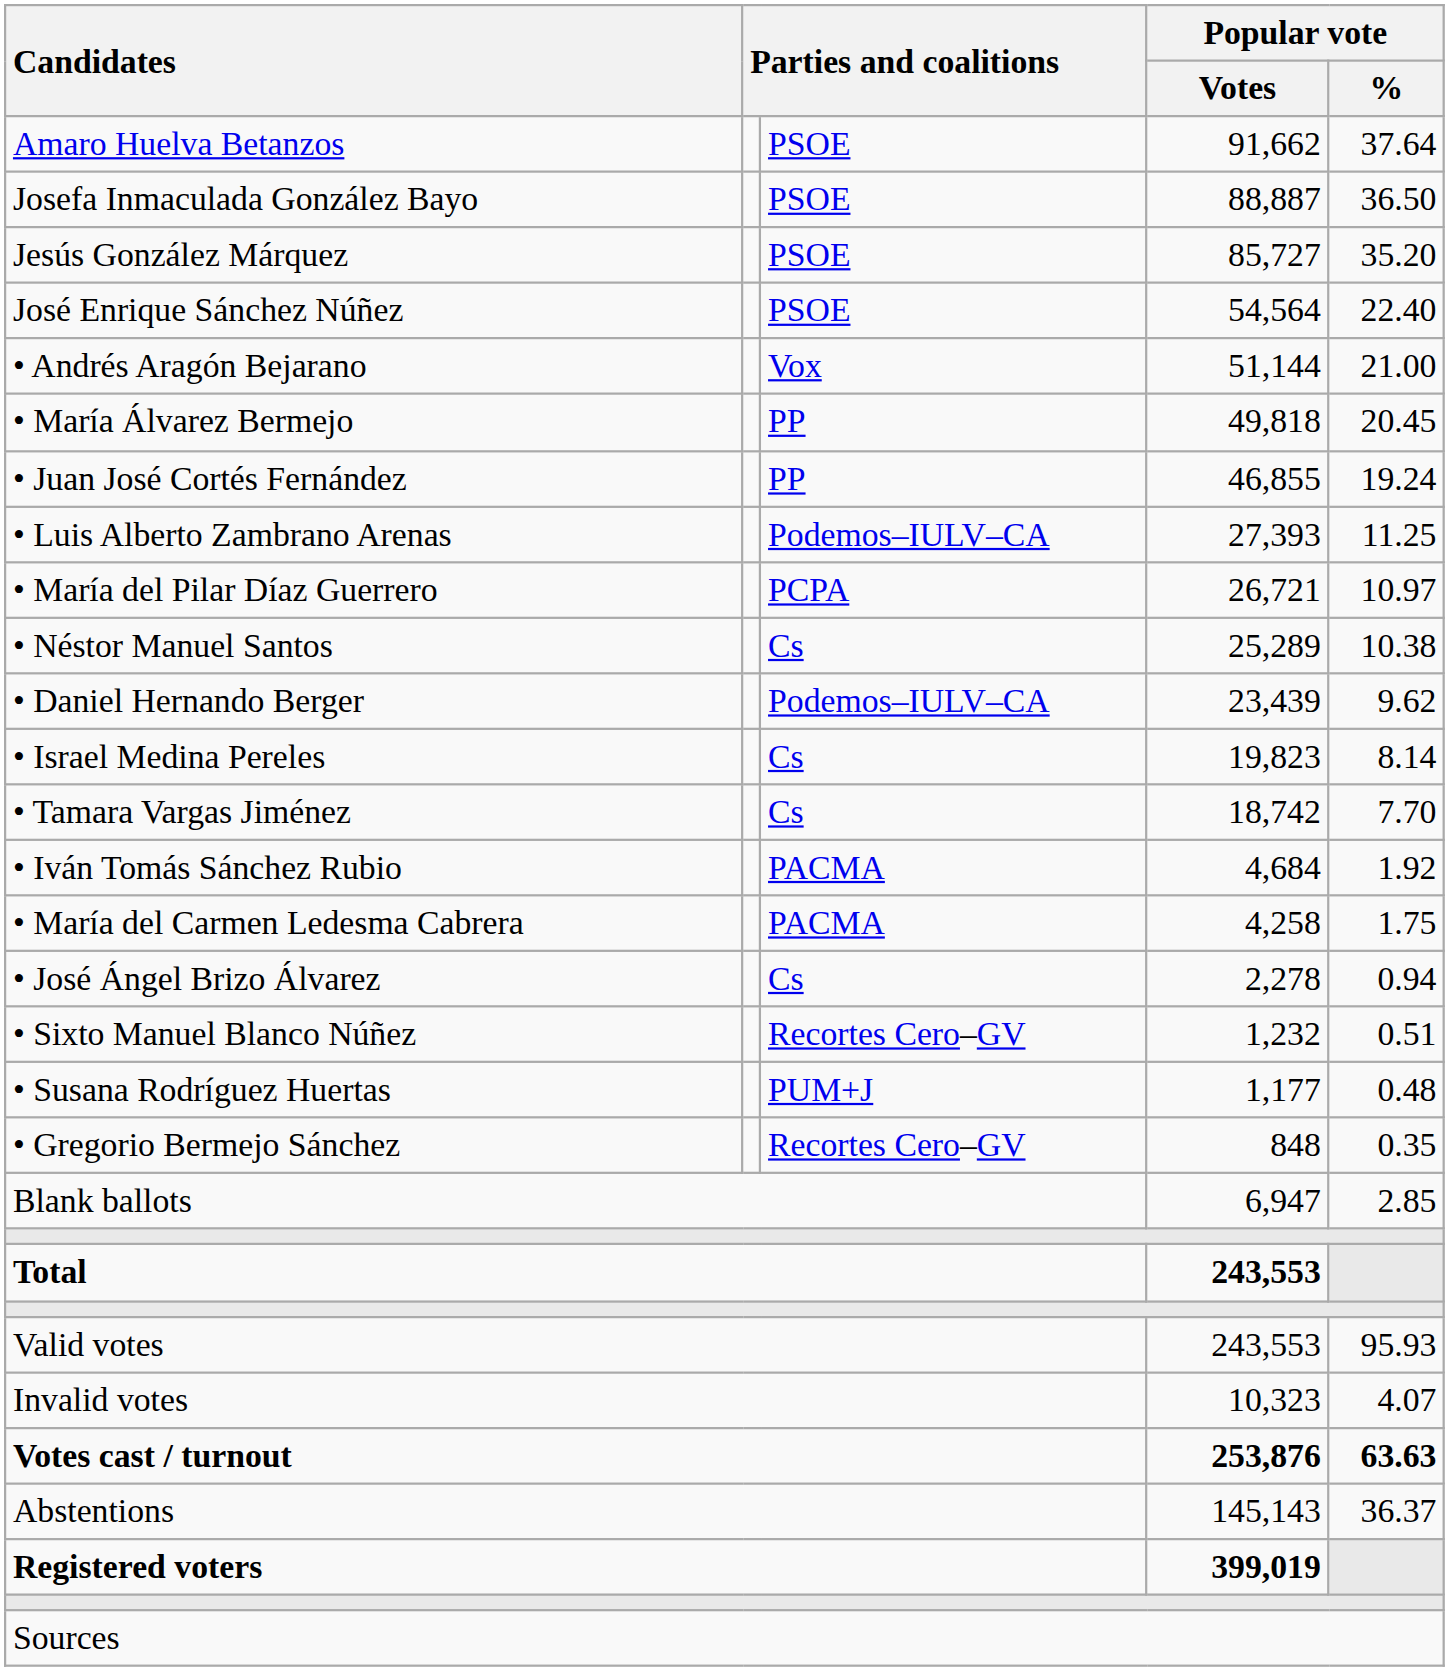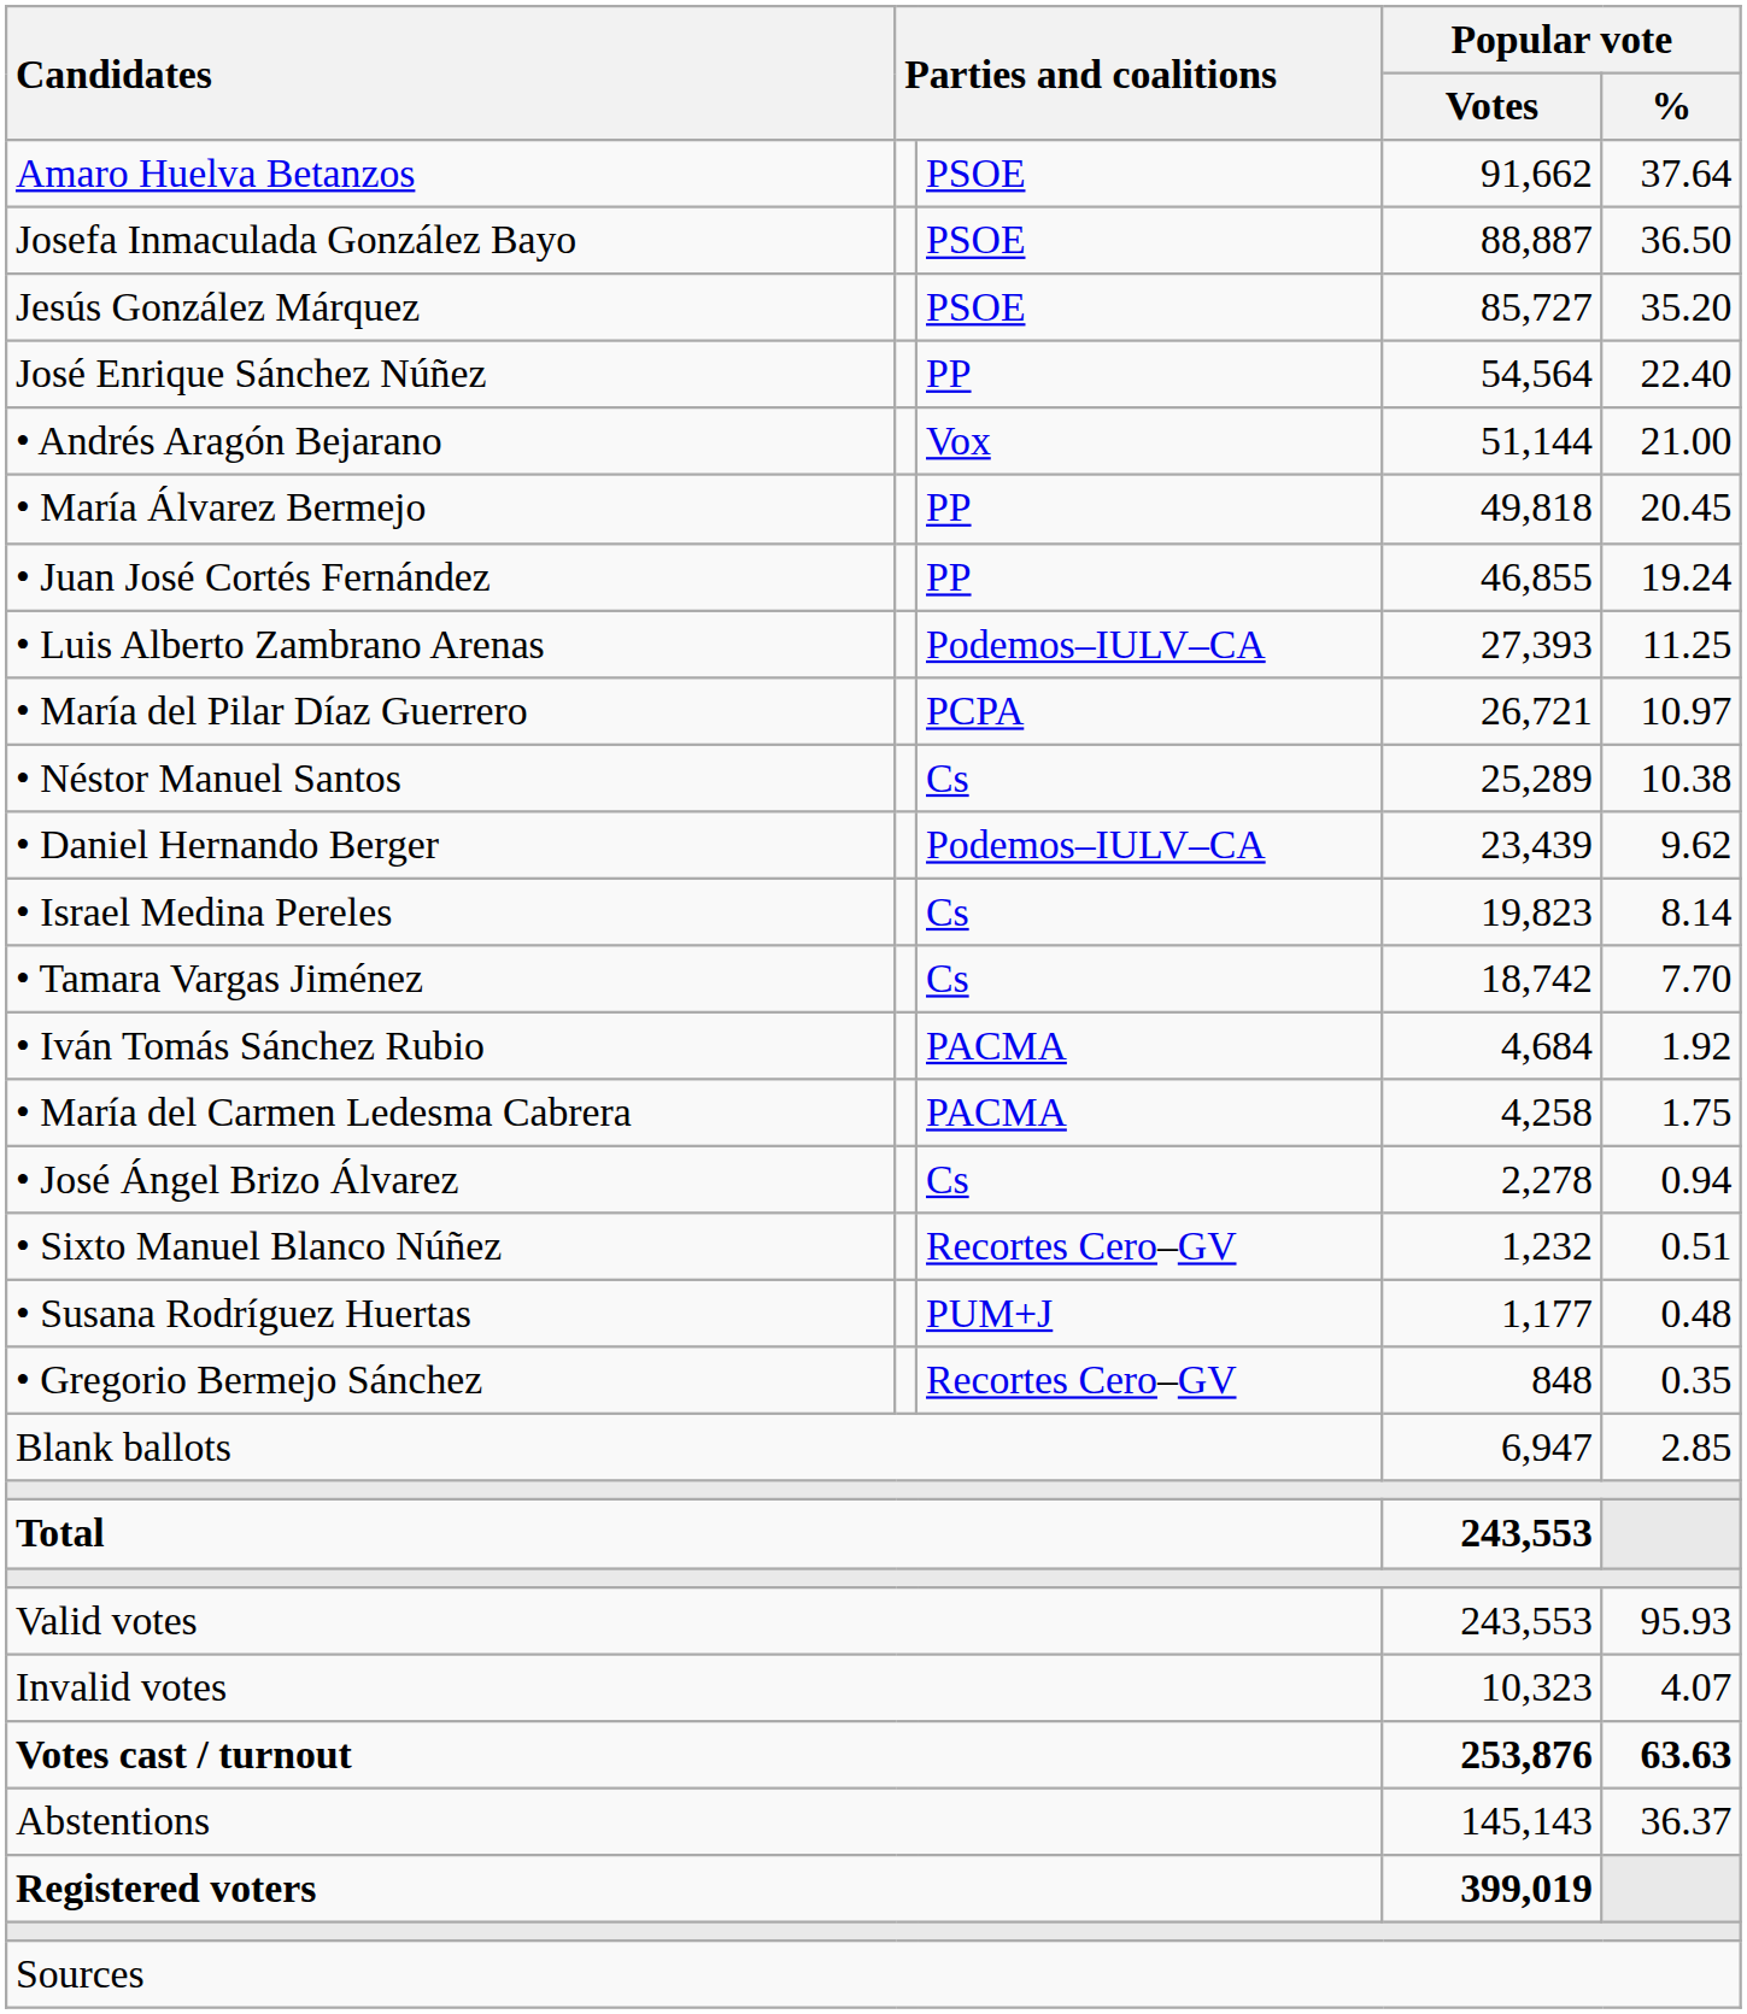 <table class="wikitable" style="text-align:right; font-size:95%;">
 <tr>
 <th style="text-align:left;" rowspan="2" width="325">Candidates</th>
 <th style="text-align:left;" rowspan="2" colspan="2" width="175">Parties and coalitions</th>
 <th colspan="2">Popular vote</th>
 </tr>
 <tr>
 <th width="75">Votes</th>
 <th width="45">%</th>
 </tr>
 <tr>
 <td align="left"> <a href='#'>Amaro Huelva Betanzos</a></td>
 <td width="1" style="color:inherit;background:"></td>
 <td align="left"><a href='#'>PSOE</a></td>
 <td>91,662</td>
 <td>37.64</td>
 </tr>
 <tr>
 <td align="left"> Josefa Inmaculada González Bayo</td>
 <td style="color:inherit;background:"></td>
 <td align="left"><a href='#'>PSOE</a></td>
 <td>88,887</td>
 <td>36.50</td>
 </tr>
 <tr>
 <td align="left"> Jesús González Márquez</td>
 <td style="color:inherit;background:"></td>
 <td align="left"><a href='#'>PSOE</a></td>
 <td>85,727</td>
 <td>35.20</td>
 </tr>
 <tr>
 <td align="left"> José Enrique Sánchez Núñez</td>
 <td style="color:inherit;background:"></td>
-<td align="left"><a href='#'>PSOE</a></td>
+<td align="left"><a href='#'>PP</a></td>
 <td>54,564</td>
 <td>22.40</td>
 </tr>
 <tr>
 <td align="left">• Andrés Aragón Bejarano</td>
 <td style="color:inherit;background:"></td>
 <td align="left"><a href='#'>Vox</a></td>
 <td>51,144</td>
 <td>21.00</td>
 </tr>
 <tr>
 <td align="left">• María Álvarez Bermejo</td>
 <td style="color:inherit;background:"></td>
 <td align="left"><a href='#'>PP</a></td>
 <td>49,818</td>
 <td>20.45</td>
 </tr>
 <tr>
 <td align="left">• Juan José Cortés Fernández</td>
 <td style="color:inherit;background:"></td>
 <td align="left"><a href='#'>PP</a></td>
 <td>46,855</td>
 <td>19.24</td>
 </tr>
 <tr>
 <td align="left">• Luis Alberto Zambrano Arenas</td>
 <td style="color:inherit;background:"></td>
 <td align="left"><a href='#'>Podemos–IULV–CA</a></td>
 <td>27,393</td>
 <td>11.25</td>
 </tr>
 <tr>
 <td align="left">• María del Pilar Díaz Guerrero</td>
 <td style="color:inherit;background:"></td>
 <td align="left"><a href='#'>PCPA</a></td>
 <td>26,721</td>
 <td>10.97</td>
 </tr>
 <tr>
 <td align="left">• Néstor Manuel Santos</td>
 <td style="color:inherit;background:"></td>
 <td align="left"><a href='#'>Cs</a></td>
 <td>25,289</td>
 <td>10.38</td>
 </tr>
 <tr>
 <td align="left">• Daniel Hernando Berger</td>
 <td style="color:inherit;background:"></td>
 <td align="left"><a href='#'>Podemos–IULV–CA</a></td>
 <td>23,439</td>
 <td>9.62</td>
 </tr>
 <tr>
 <td align="left">• Israel Medina Pereles</td>
 <td style="color:inherit;background:"></td>
 <td align="left"><a href='#'>Cs</a></td>
 <td>19,823</td>
 <td>8.14</td>
 </tr>
 <tr>
 <td align="left">• Tamara Vargas Jiménez</td>
 <td style="color:inherit;background:"></td>
 <td align="left"><a href='#'>Cs</a></td>
 <td>18,742</td>
 <td>7.70</td>
 </tr>
 <tr>
 <td align="left">• Iván Tomás Sánchez Rubio</td>
 <td style="color:inherit;background:"></td>
 <td align="left"><a href='#'>PACMA</a></td>
 <td>4,684</td>
 <td>1.92</td>
 </tr>
 <tr>
 <td align="left">• María del Carmen Ledesma Cabrera</td>
 <td style="color:inherit;background:"></td>
 <td align="left"><a href='#'>PACMA</a></td>
 <td>4,258</td>
 <td>1.75</td>
 </tr>
 <tr>
 <td align="left">• José Ángel Brizo Álvarez</td>
 <td style="color:inherit;background:"></td>
 <td align="left"><a href='#'>Cs</a></td>
 <td>2,278</td>
 <td>0.94</td>
 </tr>
 <tr>
 <td align="left">• Sixto Manuel Blanco Núñez</td>
 <td style="color:inherit;background:"></td>
 <td align="left"><a href='#'>Recortes Cero</a>–<a href='#'>GV</a></td>
 <td>1,232</td>
 <td>0.51</td>
 </tr>
 <tr>
 <td align="left">• Susana Rodríguez Huertas</td>
 <td style="color:inherit;background:"></td>
 <td align="left"><a href='#'>PUM+J</a></td>
 <td>1,177</td>
 <td>0.48</td>
 </tr>
 <tr>
 <td align="left">• Gregorio Bermejo Sánchez</td>
 <td style="color:inherit;background:"></td>
 <td align="left"><a href='#'>Recortes Cero</a>–<a href='#'>GV</a></td>
 <td>848</td>
 <td>0.35</td>
 </tr>
 <tr>
 <td align="left" colspan="3">Blank ballots</td>
 <td>6,947</td>
 <td>2.85</td>
 </tr>
 <tr>
 <td colspan="5" bgcolor="#E9E9E9"></td>
 </tr>
 <tr style="font-weight:bold;">
 <td align="left" colspan="3">Total</td>
 <td>243,553</td>
 <td bgcolor="#E9E9E9"></td>
 </tr>
 <tr>
 <td colspan="5" bgcolor="#E9E9E9"></td>
 </tr>
 <tr>
 <td align="left" colspan="3">Valid votes</td>
 <td>243,553</td>
 <td>95.93</td>
 </tr>
 <tr>
 <td align="left" colspan="3">Invalid votes</td>
 <td>10,323</td>
 <td>4.07</td>
 </tr>
 <tr style="font-weight:bold;">
 <td align="left" colspan="3">Votes cast / turnout</td>
 <td>253,876</td>
 <td>63.63</td>
 </tr>
 <tr>
 <td align="left" colspan="3">Abstentions</td>
 <td>145,143</td>
 <td>36.37</td>
 </tr>
 <tr style="font-weight:bold;">
 <td align="left" colspan="3">Registered voters</td>
 <td>399,019</td>
 <td bgcolor="#E9E9E9"></td>
 </tr>
 <tr>
 <td colspan="5" bgcolor="#E9E9E9"></td>
 </tr>
 <tr>
 <td align="left" colspan="5">Sources</td>
 </tr>
 </table>
